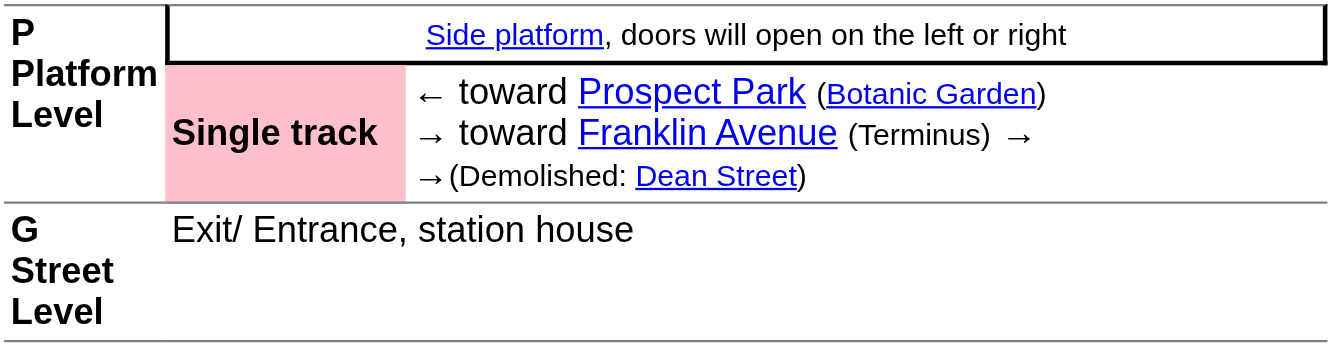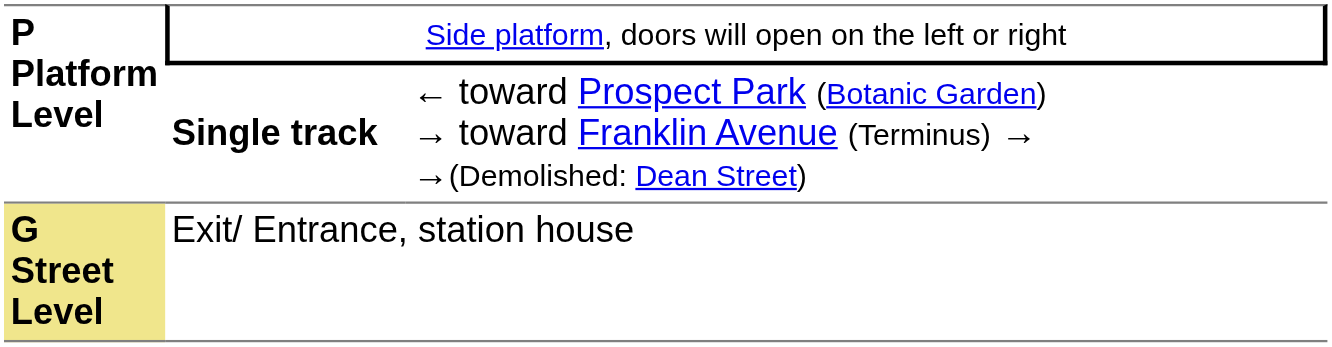 <table table border=0 cellspacing=0 cellpadding=3>
 <tr>
 <td style="border-top:solid 1px gray;border-bottom:solid 1px gray;" width=50 rowspan=2 valign=top><strong>P<br>Platform Level</strong></td>
 <td style="border-top:solid 1px gray;border-right:solid 2px black;border-left:solid 2px black;border-bottom:solid 2px black;text-align:center;" colspan=2><small><a href='#'>Side platform</a>, doors will open on the left or right </small></td>
 </tr>
 <tr>
-<td style="background: pink; border-bottom:solid 1px gray;" width=100><span><strong>Single track</strong></span></td>
+<td style="border-bottom:solid 1px gray;" width=100><span><strong>Single track</strong></span></td>
 <td style="border-bottom:solid 1px gray;" width=400>←  toward <a href='#'>Prospect Park</a> <small>(<a href='#'>Botanic Garden</a>)</small><br><span>→</span>  toward <a href='#'>Franklin Avenue</a> <small>(Terminus)</small> →<br><span>→</span><small>(Demolished: <a href='#'>Dean Street</a>)</small></td>
 </tr>
 <tr>
-<td style="border-bottom:solid 1px gray;" valign=top><strong>G<br>Street Level</strong></td>
+<td style="background: khaki; border-bottom:solid 1px gray;" valign=top><strong>G<br>Street Level</strong></td>
 <td style="border-bottom:solid 1px gray;" colspan=2 valign=top>Exit/ Entrance, station house<br></td>
 </tr>
 </table>
